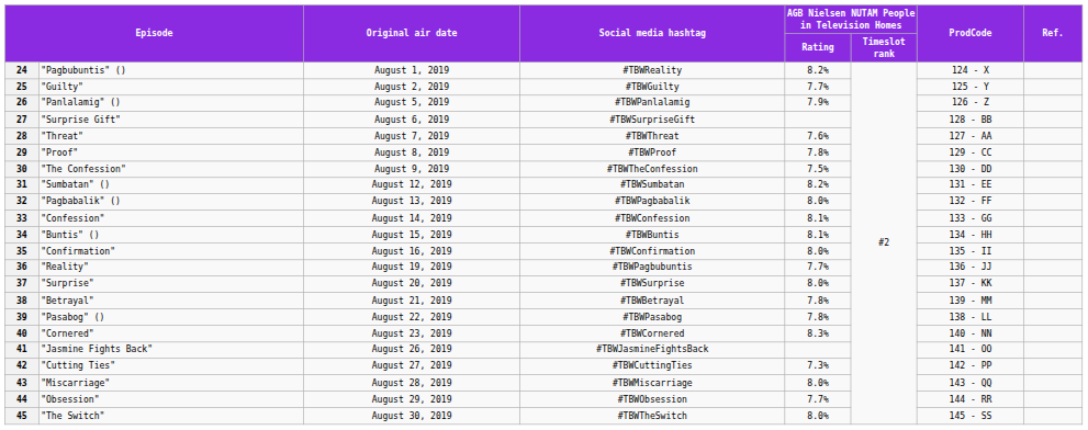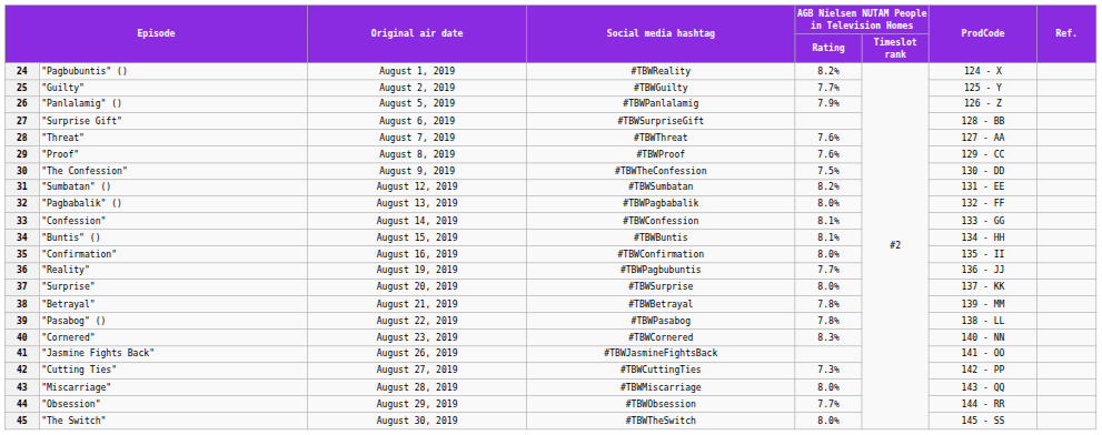 <table class="wikitable" style="text-align:center; font-size:100%; line-height:18px;" width="100%">
 <tr>
 <th style="background-color:#8A2BE2; color:#ffffff;" colspan="2" rowspan="2">Episode</th>
 <th style="background-color:#8A2BE2; color:white" rowspan="2">Original air date</th>
 <th style="background-color:#8A2BE2; color:white" rowspan="2">Social media hashtag</th>
 <th style="background-color:#8A2BE2; color:#ffffff;" colspan="2">AGB Nielsen NUTAM People in Television Homes</th>
 <th style="background-color:#8A2BE2; color:#ffffff;" rowspan="2">ProdCode</th>
 <th style="background-color:#8A2BE2; color:#ffffff;" rowspan="2">Ref.</th>
 </tr>
 <tr>
 <th style="background-color:#8A2BE2; width:75px; color:#ffffff;">Rating</th>
 <th style="background-color:#8A2BE2; width:75px; color:#ffffff;">Timeslot<br>rank</th>
 </tr>
 <tr>
 <th>24</th>
 <td style="text-align: left;">"Pagbubuntis" ()</td>
 <td>August 1, 2019</td>
 <td>#TBWReality</td>
 <td>8.2%</td>
 <td rowspan="22">#2</td>
 <td>124 - X</td>
 <td></td>
 </tr>
 <tr>
 <th>25</th>
 <td style="text-align: left;">"Guilty"</td>
 <td>August 2, 2019</td>
 <td>#TBWGuilty</td>
 <td>7.7%</td>
 <td>125 - Y</td>
 <td></td>
 </tr>
 <tr>
 <th>26</th>
 <td style="text-align: left;">"Panlalamig" ()</td>
 <td>August 5, 2019</td>
 <td>#TBWPanlalamig</td>
 <td>7.9%</td>
 <td>126 - Z</td>
 <td></td>
 </tr>
 <tr>
 <th>27</th>
 <td style="text-align: left;">"Surprise Gift"</td>
 <td>August 6, 2019</td>
 <td>#TBWSurpriseGift</td>
 <td></td>
 <td>128 - BB</td>
 <td></td>
 </tr>
 <tr>
 <th>28</th>
 <td style="text-align: left;">"Threat"</td>
 <td>August 7, 2019</td>
 <td>#TBWThreat</td>
 <td>7.6%</td>
 <td>127 - AA</td>
 <td></td>
 </tr>
 <tr>
 <th>29</th>
 <td style="text-align: left;">"Proof"</td>
 <td>August 8, 2019</td>
 <td>#TBWProof</td>
-<td>7.8%</td>
+<td>7.6%</td>
 <td>129 - CC</td>
 <td></td>
 </tr>
 <tr>
 <th>30</th>
 <td style="text-align: left;">"The Confession"</td>
 <td>August 9, 2019</td>
 <td>#TBWTheConfession</td>
 <td>7.5%</td>
 <td>130 - DD</td>
 <td></td>
 </tr>
 <tr>
 <th>31</th>
 <td style="text-align: left;">"Sumbatan" ()</td>
 <td>August 12, 2019</td>
 <td>#TBWSumbatan</td>
 <td>8.2%</td>
 <td>131 - EE</td>
 <td></td>
 </tr>
 <tr>
 <th>32</th>
 <td style="text-align: left;">"Pagbabalik" ()</td>
 <td>August 13, 2019</td>
 <td>#TBWPagbabalik</td>
 <td>8.0%</td>
 <td>132 - FF</td>
 <td></td>
 </tr>
 <tr>
 <th>33</th>
 <td style="text-align: left;">"Confession"</td>
 <td>August 14, 2019</td>
 <td>#TBWConfession</td>
 <td>8.1%</td>
 <td>133 - GG</td>
 <td></td>
 </tr>
 <tr>
 <th>34</th>
 <td style="text-align: left;">"Buntis" ()</td>
 <td>August 15, 2019</td>
 <td>#TBWBuntis</td>
 <td>8.1%</td>
 <td>134 - HH</td>
 <td></td>
 </tr>
 <tr>
 <th>35</th>
 <td style="text-align: left;">"Confirmation"</td>
 <td>August 16, 2019</td>
 <td>#TBWConfirmation</td>
 <td>8.0%</td>
 <td>135 - II</td>
 <td></td>
 </tr>
 <tr>
 <th>36</th>
 <td style="text-align: left;">"Reality"</td>
 <td>August 19, 2019</td>
 <td>#TBWPagbubuntis</td>
 <td>7.7%</td>
 <td>136 - JJ</td>
 <td></td>
 </tr>
 <tr>
 <th>37</th>
 <td style="text-align: left;">"Surprise"</td>
 <td>August 20, 2019</td>
 <td>#TBWSurprise</td>
 <td>8.0%</td>
 <td>137 - KK</td>
 <td></td>
 </tr>
 <tr>
 <th>38</th>
 <td style="text-align: left;">"Betrayal"</td>
 <td>August 21, 2019</td>
 <td>#TBWBetrayal</td>
 <td>7.8%</td>
 <td>139 - MM</td>
 <td></td>
 </tr>
 <tr>
 <th>39</th>
 <td style="text-align: left;">"Pasabog" ()</td>
 <td>August 22, 2019</td>
 <td>#TBWPasabog</td>
 <td>7.8%</td>
 <td>138 - LL</td>
 <td></td>
 </tr>
 <tr>
 <th>40</th>
 <td style="text-align: left;">"Cornered"</td>
 <td>August 23, 2019</td>
 <td>#TBWCornered</td>
 <td>8.3%</td>
 <td>140 - NN</td>
 <td></td>
 </tr>
 <tr>
 <th>41</th>
 <td style="text-align: left;">"Jasmine Fights Back"</td>
 <td>August 26, 2019</td>
 <td>#TBWJasmineFightsBack</td>
 <td></td>
 <td>141 - OO</td>
 <td></td>
 </tr>
 <tr>
 <th>42</th>
 <td style="text-align: left;">"Cutting Ties"</td>
 <td>August 27, 2019</td>
 <td>#TBWCuttingTies</td>
 <td>7.3%</td>
 <td>142 - PP</td>
 <td></td>
 </tr>
 <tr>
 <th>43</th>
 <td style="text-align: left;">"Miscarriage"</td>
 <td>August 28, 2019</td>
 <td>#TBWMiscarriage</td>
 <td>8.0%</td>
 <td>143 - QQ</td>
 <td></td>
 </tr>
 <tr>
 <th>44</th>
 <td style="text-align: left;">"Obsession"</td>
 <td>August 29, 2019</td>
 <td>#TBWObsession</td>
 <td>7.7%</td>
 <td>144 - RR</td>
 <td></td>
 </tr>
 <tr>
 <th>45</th>
 <td style="text-align: left;">"The Switch"</td>
 <td>August 30, 2019</td>
 <td>#TBWTheSwitch</td>
 <td>8.0%</td>
 <td>145 - SS</td>
 <td></td>
 </tr>
 </table>
